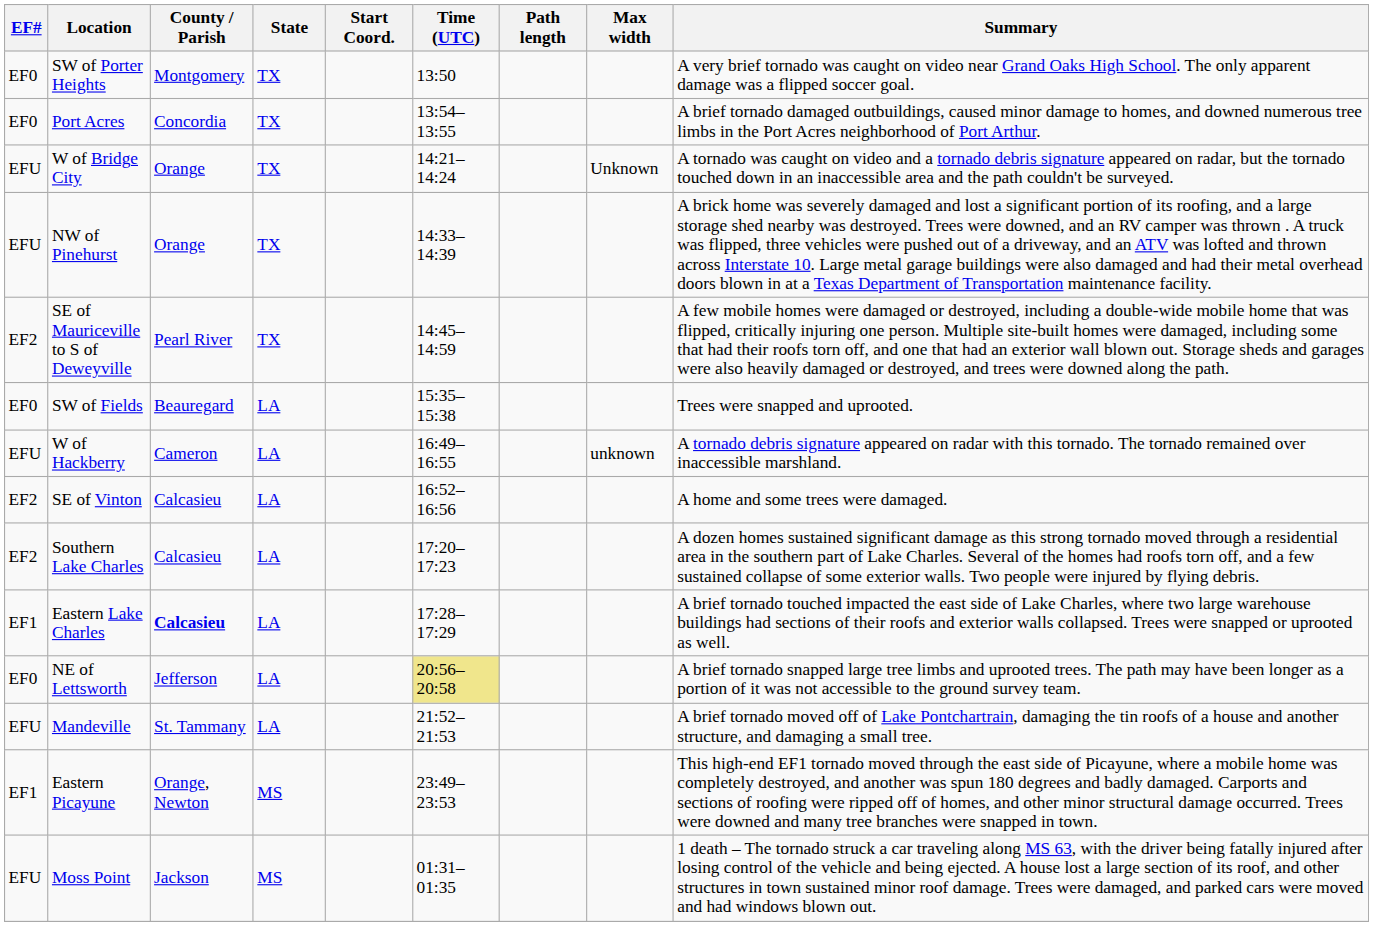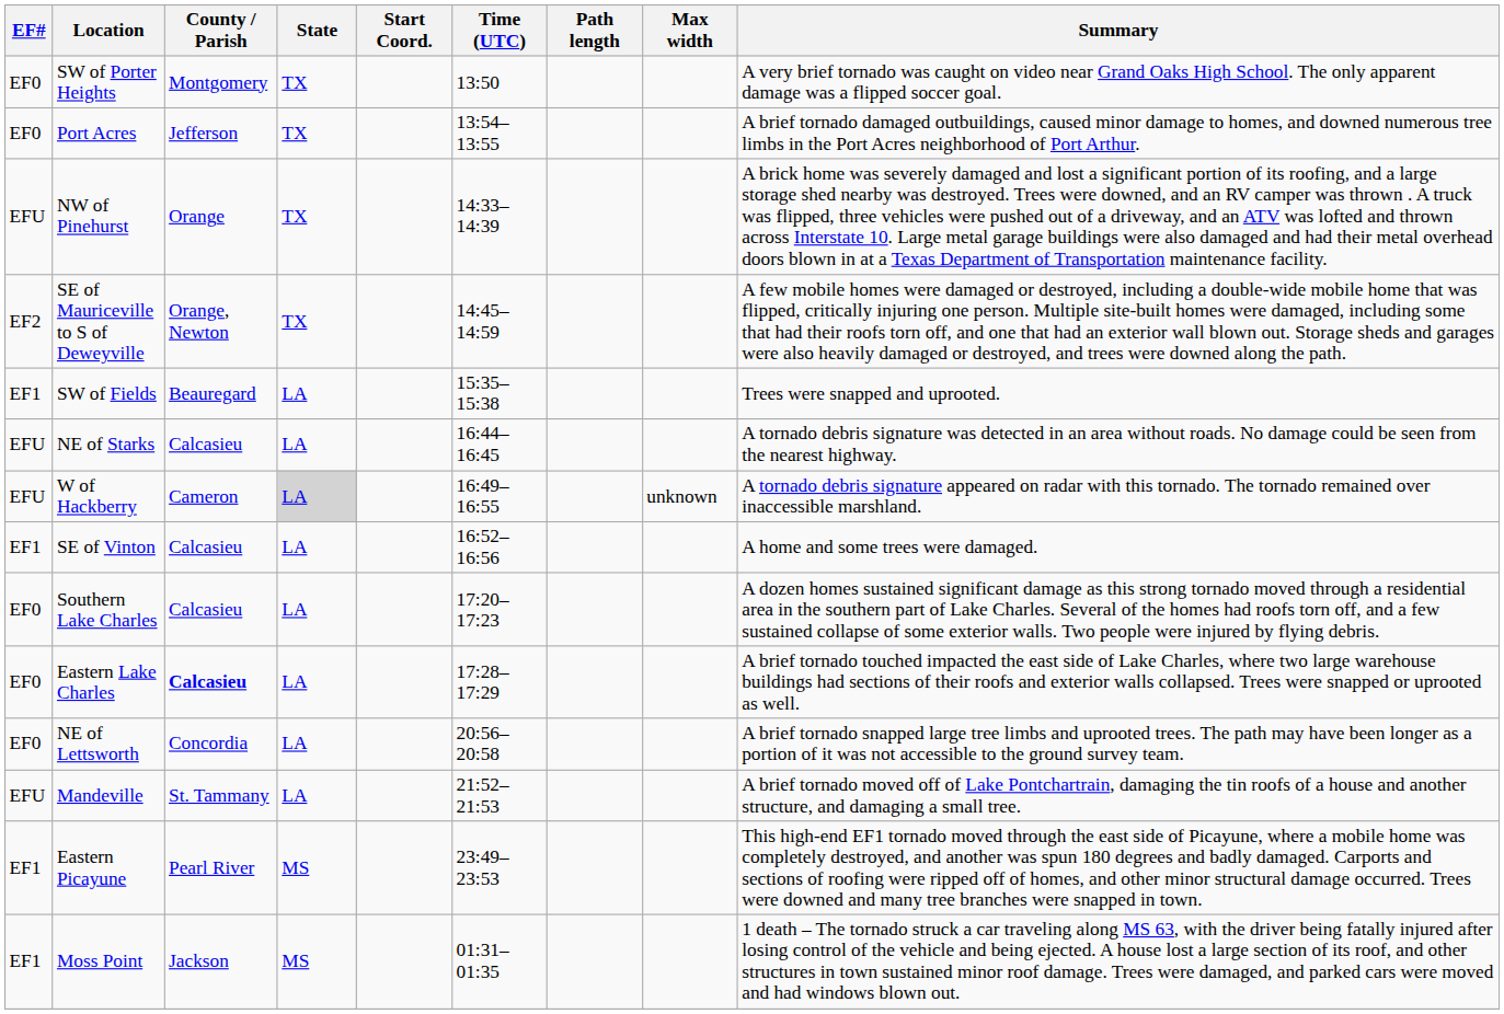 <table class="wikitable sortable" style="width:100%;">
 <tr>
 <th scope="col"  style="width:3%; text-align:center;"><a href='#'>EF#</a></th>
 <th scope="col"  style="width:7%; text-align:center;" class="unsortable">Location</th>
 <th scope="col"  style="width:6%; text-align:center;" class="unsortable">County / Parish</th>
 <th scope="col"  style="width:5%; text-align:center;">State</th>
 <th scope="col"  style="width:6%; text-align:center;">Start Coord.</th>
 <th scope="col"  style="width:6%; text-align:center;">Time (<a href='#'>UTC</a>)</th>
 <th scope="col"  style="width:6%; text-align:center;">Path length</th>
 <th scope="col"  style="width:6%; text-align:center;">Max width</th>
 <th scope="col" class="unsortable" style="width:48%; text-align:center;">Summary</th>
 </tr>
 <tr>
 <td>EF0</td>
 <td>SW of <a href='#'>Porter Heights</a></td>
 <td><a href='#'>Montgomery</a></td>
 <td><a href='#'>TX</a></td>
 <td></td>
 <td>13:50</td>
 <td></td>
 <td></td>
 <td>A very brief tornado was caught on video near <a href='#'>Grand Oaks High School</a>. The only apparent damage was a flipped soccer goal.</td>
 </tr>
 <tr>
 <td>EF0</td>
 <td><a href='#'>Port Acres</a></td>
-<td><a href='#'>Concordia</a></td>
+<td><a href='#'>Jefferson</a></td>
 <td><a href='#'>TX</a></td>
 <td></td>
 <td>13:54–13:55</td>
 <td></td>
 <td></td>
 <td>A brief tornado damaged outbuildings, caused minor damage to homes, and downed numerous tree limbs in the Port Acres neighborhood of <a href='#'>Port Arthur</a>.</td>
-</tr>
-<tr>
-<td>EFU</td>
-<td>W of <a href='#'>Bridge City</a></td>
-<td><a href='#'>Orange</a></td>
-<td><a href='#'>TX</a></td>
-<td></td>
-<td>14:21–14:24</td>
-<td></td>
-<td>Unknown</td>
-<td>A tornado was caught on video and a <a href='#'>tornado debris signature</a> appeared on radar, but the tornado touched down in an inaccessible area and the path couldn't be surveyed.</td>
 </tr>
 <tr>
 <td>EFU</td>
 <td>NW of <a href='#'>Pinehurst</a></td>
 <td><a href='#'>Orange</a></td>
 <td><a href='#'>TX</a></td>
 <td></td>
 <td>14:33–14:39</td>
 <td></td>
 <td></td>
 <td>A brick home was severely damaged and lost a significant portion of its roofing, and a large storage shed nearby was destroyed. Trees were downed, and an RV camper was thrown . A truck was flipped, three vehicles were pushed out of a driveway, and an <a href='#'>ATV</a> was lofted and thrown across <a href='#'>Interstate 10</a>. Large metal garage buildings were also damaged and had their metal overhead doors blown in at a <a href='#'>Texas Department of Transportation</a> maintenance facility.</td>
 </tr>
 <tr>
 <td>EF2</td>
 <td>SE of <a href='#'>Mauriceville</a> to S of <a href='#'>Deweyville</a></td>
-<td><a href='#'>Pearl River</a></td>
+<td><a href='#'>Orange</a>, <a href='#'>Newton</a></td>
 <td><a href='#'>TX</a></td>
 <td></td>
 <td>14:45–14:59</td>
 <td></td>
 <td></td>
 <td>A few mobile homes were damaged or destroyed, including a double-wide mobile home that was flipped, critically injuring one person. Multiple site-built homes were damaged, including some that had their roofs torn off, and one that had an exterior wall blown out. Storage sheds and garages were also heavily damaged or destroyed, and trees were downed along the path.</td>
 </tr>
 <tr>
-<td>EF0</td>
+<td>EF1</td>
 <td>SW of <a href='#'>Fields</a></td>
 <td><a href='#'>Beauregard</a></td>
 <td><a href='#'>LA</a></td>
 <td></td>
 <td>15:35–15:38</td>
 <td></td>
 <td></td>
 <td>Trees were snapped and uprooted.</td>
 </tr>
 <tr>
 <td>EFU</td>
+<td>NE of <a href='#'>Starks</a></td>
+<td><a href='#'>Calcasieu</a></td>
+<td><a href='#'>LA</a></td>
+<td></td>
+<td>16:44–16:45</td>
+<td></td>
+<td></td>
+<td>A tornado debris signature was detected in an area without roads. No damage could be seen from the nearest highway.</td>
+</tr>
+<tr>
+<td>EFU</td>
 <td>W of <a href='#'>Hackberry</a></td>
 <td><a href='#'>Cameron</a></td>
-<td><a href='#'>LA</a></td>
+<td style="background: lightgrey;"><a href='#'>LA</a></td>
 <td></td>
 <td>16:49–16:55</td>
 <td></td>
 <td>unknown</td>
 <td>A <a href='#'>tornado debris signature</a> appeared on radar with this tornado. The tornado remained over inaccessible marshland.</td>
 </tr>
 <tr>
-<td>EF2</td>
+<td>EF1</td>
 <td>SE of <a href='#'>Vinton</a></td>
 <td><a href='#'>Calcasieu</a></td>
 <td><a href='#'>LA</a></td>
 <td></td>
 <td>16:52–16:56</td>
 <td></td>
 <td></td>
 <td>A home and some trees were damaged.</td>
 </tr>
 <tr>
-<td>EF2</td>
+<td>EF0</td>
 <td>Southern <a href='#'>Lake Charles</a></td>
 <td><a href='#'>Calcasieu</a></td>
 <td><a href='#'>LA</a></td>
 <td></td>
 <td>17:20–17:23</td>
 <td></td>
 <td></td>
 <td>A dozen homes sustained significant damage as this strong tornado moved through a residential area in the southern part of Lake Charles. Several of the homes had roofs torn off, and a few sustained collapse of some exterior walls. Two people were injured by flying debris.</td>
 </tr>
 <tr>
-<td>EF1</td>
+<td>EF0</td>
 <td>Eastern <a href='#'>Lake Charles</a></td>
 <td><strong><a href='#'>Calcasieu</a></strong></td>
 <td><a href='#'>LA</a></td>
 <td></td>
 <td>17:28–17:29</td>
 <td></td>
 <td></td>
 <td>A brief tornado touched impacted the east side of Lake Charles, where two large warehouse buildings had sections of their roofs and exterior walls collapsed. Trees were snapped or uprooted as well.</td>
 </tr>
 <tr>
 <td>EF0</td>
 <td>NE of <a href='#'>Lettsworth</a></td>
-<td><a href='#'>Jefferson</a></td>
+<td><a href='#'>Concordia</a></td>
 <td><a href='#'>LA</a></td>
 <td></td>
-<td style="background: khaki;">20:56–20:58</td>
+<td>20:56–20:58</td>
 <td></td>
 <td></td>
 <td>A brief tornado snapped large tree limbs and uprooted trees. The path may have been longer as a portion of it was not accessible to the ground survey team.</td>
 </tr>
 <tr>
 <td>EFU</td>
 <td><a href='#'>Mandeville</a></td>
 <td><a href='#'>St. Tammany</a></td>
 <td><a href='#'>LA</a></td>
 <td></td>
 <td>21:52–21:53</td>
 <td></td>
 <td></td>
 <td>A brief tornado moved off of <a href='#'>Lake Pontchartrain</a>, damaging the tin roofs of a house and another structure, and damaging a small tree.</td>
 </tr>
 <tr>
 <td>EF1</td>
 <td>Eastern <a href='#'>Picayune</a></td>
-<td><a href='#'>Orange</a>, <a href='#'>Newton</a></td>
+<td><a href='#'>Pearl River</a></td>
 <td><a href='#'>MS</a></td>
 <td></td>
 <td>23:49–23:53</td>
 <td></td>
 <td></td>
 <td>This high-end EF1 tornado moved through the east side of Picayune, where a mobile home was completely destroyed, and another was spun 180 degrees and badly damaged. Carports and sections of roofing were ripped off of homes, and other minor structural damage occurred. Trees were downed and many tree branches were snapped in town.</td>
 </tr>
 <tr>
-<td>EFU</td>
+<td>EF1</td>
 <td><a href='#'>Moss Point</a></td>
 <td><a href='#'>Jackson</a></td>
 <td><a href='#'>MS</a></td>
 <td></td>
 <td>01:31–01:35</td>
 <td></td>
 <td></td>
 <td>1 death – The tornado struck a car traveling along <a href='#'>MS 63</a>, with the driver being fatally injured after losing control of the vehicle and being ejected. A house lost a large section of its roof, and other structures in town sustained minor roof damage. Trees were damaged, and parked cars were moved and had windows blown out.</td>
 </tr>
 <tr>
 </tr>
 </table>
